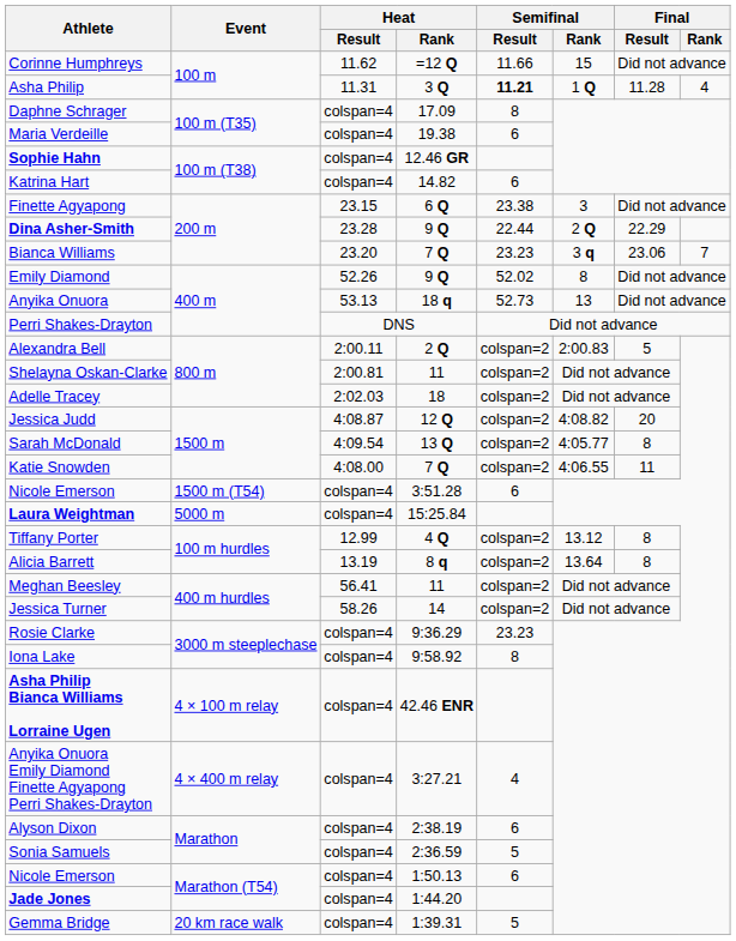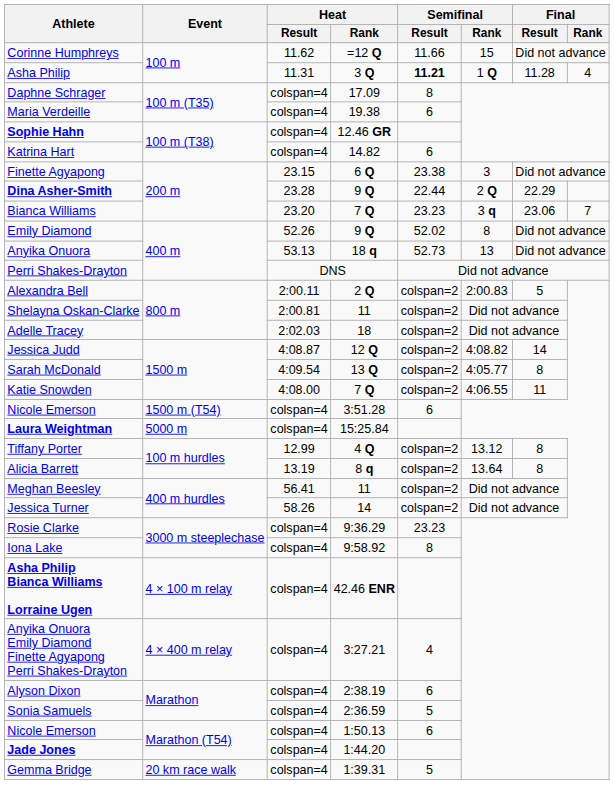 <table class="wikitable" style="font-size:90%">
 <tr>
 <th rowspan=2>Athlete</th>
 <th rowspan=2>Event</th>
 <th colspan=2>Heat</th>
 <th colspan=2>Semifinal</th>
 <th colspan=2>Final</th>
 </tr>
 <tr style="font-size:95%">
 <th>Result</th>
 <th>Rank</th>
 <th>Result</th>
 <th>Rank</th>
 <th>Result</th>
 <th>Rank</th>
 </tr>
 <tr align=center>
 <td align=left><a href='#'>Corinne Humphreys</a></td>
 <td style="text-align:left;" rowspan="2"><a href='#'>100 m</a></td>
 <td>11.62</td>
 <td>=12 <strong>Q</strong></td>
 <td>11.66</td>
 <td>15</td>
 <td colspan=2>Did not advance</td>
 </tr>
 <tr align=center>
 <td align=left><a href='#'>Asha Philip</a></td>
 <td>11.31</td>
 <td>3 <strong>Q</strong></td>
 <td><strong>11.21</strong></td>
 <td>1 <strong>Q</strong></td>
 <td>11.28</td>
 <td>4</td>
 </tr>
 <tr align=center>
 <td align=left><a href='#'>Daphne Schrager</a></td>
 <td style="text-align:left;" rowspan="2"><a href='#'>100 m (T35)</a></td>
 <td>colspan=4 </td>
 <td>17.09</td>
 <td>8</td>
 </tr>
 <tr align=center>
 <td align=left><a href='#'>Maria Verdeille</a></td>
 <td>colspan=4 </td>
 <td>19.38</td>
 <td>6</td>
 </tr>
 <tr align=center>
 <td align=left><strong><a href='#'>Sophie Hahn</a></strong></td>
 <td style="text-align:left;" rowspan="2"><a href='#'>100 m (T38)</a></td>
 <td>colspan=4 </td>
 <td>12.46 <strong>GR</strong></td>
 <td></td>
 </tr>
 <tr align=center>
 <td align=left><a href='#'>Katrina Hart</a></td>
 <td>colspan=4 </td>
 <td>14.82</td>
 <td>6</td>
 </tr>
 <tr align=center>
 <td align=left><a href='#'>Finette Agyapong</a></td>
 <td style="text-align:left;" rowspan="3"><a href='#'>200 m</a></td>
 <td>23.15</td>
 <td>6 <strong>Q</strong></td>
 <td>23.38</td>
 <td>3</td>
 <td colspan=2>Did not advance</td>
 </tr>
 <tr align=center>
 <td align=left><strong><a href='#'>Dina Asher-Smith</a></strong></td>
 <td>23.28</td>
 <td>9 <strong>Q</strong></td>
 <td>22.44</td>
 <td>2 <strong>Q</strong></td>
 <td>22.29</td>
 <td></td>
 </tr>
 <tr align=center>
 <td align=left><a href='#'>Bianca Williams</a></td>
 <td>23.20</td>
 <td>7 <strong>Q</strong></td>
 <td>23.23</td>
 <td>3 <strong>q</strong></td>
 <td>23.06</td>
 <td>7</td>
 </tr>
 <tr align=center>
 <td align=left><a href='#'>Emily Diamond</a></td>
 <td style="text-align:left;" rowspan="3"><a href='#'>400 m</a></td>
 <td>52.26</td>
 <td>9 <strong>Q</strong></td>
 <td>52.02</td>
 <td>8</td>
 <td colspan=2>Did not advance</td>
 </tr>
 <tr align=center>
 <td align=left><a href='#'>Anyika Onuora</a></td>
 <td>53.13</td>
 <td>18 <strong>q</strong></td>
 <td>52.73</td>
 <td>13</td>
 <td colspan=2>Did not advance</td>
 </tr>
 <tr align=center>
 <td align=left><a href='#'>Perri Shakes-Drayton</a></td>
 <td colspan=2>DNS</td>
 <td colspan=4>Did not advance</td>
 </tr>
 <tr align=center>
 <td align=left><a href='#'>Alexandra Bell</a></td>
 <td style="text-align:left;" rowspan="3"><a href='#'>800 m</a></td>
 <td>2:00.11</td>
 <td>2 <strong>Q</strong></td>
 <td>colspan=2 </td>
 <td>2:00.83</td>
 <td>5</td>
 </tr>
 <tr align=center>
 <td align=left><a href='#'>Shelayna Oskan-Clarke</a></td>
 <td>2:00.81</td>
 <td>11</td>
 <td>colspan=2 </td>
 <td colspan=2>Did not advance</td>
 </tr>
 <tr align=center>
 <td align=left><a href='#'>Adelle Tracey</a></td>
 <td>2:02.03</td>
 <td>18</td>
 <td>colspan=2 </td>
 <td colspan=2>Did not advance</td>
 </tr>
 <tr align=center>
 <td align=left><a href='#'>Jessica Judd</a></td>
 <td style="text-align:left;" rowspan="3"><a href='#'>1500 m</a></td>
 <td>4:08.87</td>
 <td>12 <strong>Q</strong></td>
 <td>colspan=2 </td>
 <td>4:08.82</td>
-<td>20</td>
+<td>14</td>
 </tr>
 <tr align=center>
 <td align=left><a href='#'>Sarah McDonald</a></td>
 <td>4:09.54</td>
 <td>13 <strong>Q</strong></td>
 <td>colspan=2 </td>
 <td>4:05.77</td>
 <td>8</td>
 </tr>
 <tr align=center>
 <td align=left><a href='#'>Katie Snowden</a></td>
 <td>4:08.00</td>
 <td>7 <strong>Q</strong></td>
 <td>colspan=2 </td>
 <td>4:06.55</td>
 <td>11</td>
 </tr>
 <tr align=center>
 <td align=left><a href='#'>Nicole Emerson</a></td>
 <td style="text-align:left;"><a href='#'>1500 m (T54)</a></td>
 <td>colspan=4 </td>
 <td>3:51.28</td>
 <td>6</td>
 </tr>
 <tr align=center>
 <td align=left><strong><a href='#'>Laura Weightman</a></strong></td>
 <td style="text-align:left;" rowspan="1"><a href='#'>5000 m</a></td>
 <td>colspan=4 </td>
 <td>15:25.84</td>
 <td></td>
 </tr>
 <tr align=center>
 <td align=left><a href='#'>Tiffany Porter</a></td>
 <td style="text-align:left;" rowspan="2"><a href='#'>100 m hurdles</a></td>
 <td>12.99</td>
 <td>4 <strong>Q</strong></td>
 <td>colspan=2 </td>
 <td>13.12</td>
 <td>8</td>
 </tr>
 <tr align=center>
 <td align=left><a href='#'>Alicia Barrett</a></td>
 <td>13.19</td>
 <td>8 <strong>q</strong></td>
 <td>colspan=2 </td>
 <td>13.64</td>
 <td>8</td>
 </tr>
 <tr align=center>
 <td align=left><a href='#'>Meghan Beesley</a></td>
 <td style="text-align:left;" rowspan="2"><a href='#'>400 m hurdles</a></td>
 <td>56.41</td>
 <td>11</td>
 <td>colspan=2 </td>
 <td colspan=2>Did not advance</td>
 </tr>
 <tr align=center>
 <td align=left><a href='#'>Jessica Turner</a></td>
 <td>58.26</td>
 <td>14</td>
 <td>colspan=2 </td>
 <td colspan=2>Did not advance</td>
 </tr>
 <tr align=center>
 <td align=left><a href='#'>Rosie Clarke</a></td>
 <td style="text-align:left;" rowspan="2"><a href='#'>3000 m steeplechase</a></td>
 <td>colspan=4 </td>
 <td>9:36.29</td>
 <td>23.23</td>
 </tr>
 <tr align=center>
 <td align=left><a href='#'>Iona Lake</a></td>
 <td>colspan=4 </td>
 <td>9:58.92</td>
 <td>8</td>
 </tr>
 <tr align=center>
 <td align=left><strong><a href='#'>Asha Philip</a><br><a href='#'>Bianca Williams</a><br><br><a href='#'>Lorraine Ugen</a></strong></td>
 <td align=left><a href='#'>4 × 100 m relay</a></td>
 <td>colspan=4 </td>
 <td>42.46 <strong>ENR</strong></td>
 <td></td>
 </tr>
 <tr align=center>
 <td align=left><a href='#'>Anyika Onuora</a><br><a href='#'>Emily Diamond</a><br><a href='#'>Finette Agyapong</a><br><a href='#'>Perri Shakes-Drayton</a></td>
 <td align=left><a href='#'>4 × 400 m relay</a></td>
 <td>colspan=4 </td>
 <td>3:27.21</td>
 <td>4</td>
 </tr>
 <tr align=center>
 <td align=left><a href='#'>Alyson Dixon</a></td>
 <td style="text-align:left;" rowspan="2"><a href='#'>Marathon</a></td>
 <td>colspan=4 </td>
 <td>2:38.19</td>
 <td>6</td>
 </tr>
 <tr align=center>
 <td align=left><a href='#'>Sonia Samuels</a></td>
 <td>colspan=4 </td>
 <td>2:36.59</td>
 <td>5</td>
 </tr>
 <tr align=center>
 <td align=left><a href='#'>Nicole Emerson</a></td>
 <td style="text-align:left;" rowspan="2"><a href='#'>Marathon (T54)</a></td>
 <td>colspan=4 </td>
 <td>1:50.13</td>
 <td>6</td>
 </tr>
 <tr align=center>
 <td align=left><strong><a href='#'>Jade Jones</a></strong></td>
 <td>colspan=4 </td>
 <td>1:44.20</td>
 <td></td>
 </tr>
 <tr align=center>
 <td align=left><a href='#'>Gemma Bridge</a></td>
 <td style="text-align:left;" rowspan="1"><a href='#'>20 km race walk</a></td>
 <td>colspan=4 </td>
 <td>1:39.31</td>
 <td>5</td>
 </tr>
 </table>
